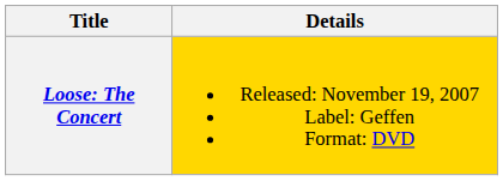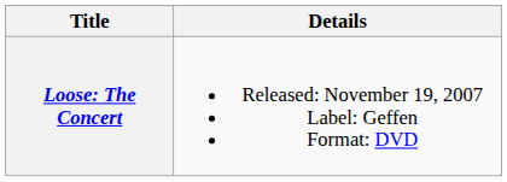 <table class="wikitable plainrowheaders" style="text-align:center;">
 <tr>
 <th scope="col" style="width:8em;">Title</th>
 <th scope="col" style="width:16em;">Details</th>
 </tr>
 <tr>
 <th scope="row"><em><a href='#'>Loose: The Concert</a></em></th>
-<td style="background: gold;"><br><ul><li>Released: November 19, 2007</li><li>Label: Geffen</li><li>Format: <a href='#'>DVD</a></li></ul></td>
+<td><br><ul><li>Released: November 19, 2007</li><li>Label: Geffen</li><li>Format: <a href='#'>DVD</a></li></ul></td>
 </tr>
 </table>
